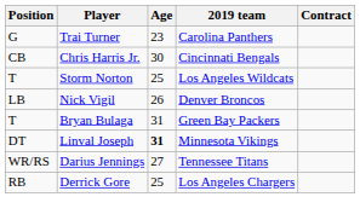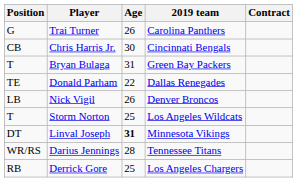 <table class="wikitable">
 <tr>
 <th>Position</th>
 <th>Player</th>
 <th>Age</th>
 <th>2019 team</th>
 <th>Contract</th>
 </tr>
 <tr>
 <td>G</td>
 <td><a href='#'>Trai Turner</a></td>
-<td>23</td>
+<td>26</td>
 <td><a href='#'>Carolina Panthers</a></td>
 <td></td>
 </tr>
 <tr>
 <td>CB</td>
 <td><a href='#'>Chris Harris Jr.</a></td>
 <td>30</td>
 <td><a href='#'>Cincinnati Bengals</a></td>
 <td></td>
 </tr>
 <tr>
 <td>T</td>
-<td><a href='#'>Storm Norton</a></td>
-<td>25</td>
-<td><a href='#'>Los Angeles Wildcats</a></td>
+<td><a href='#'>Bryan Bulaga</a></td>
+<td>31</td>
+<td><a href='#'>Green Bay Packers</a></td>
+<td></td>
+</tr>
+<tr>
+<td>TE</td>
+<td><a href='#'>Donald Parham</a></td>
+<td>22</td>
+<td><a href='#'>Dallas Renegades</a></td>
 <td></td>
 </tr>
 <tr>
 <td>LB</td>
 <td><a href='#'>Nick Vigil</a></td>
 <td>26</td>
 <td><a href='#'>Denver Broncos</a></td>
 <td></td>
 </tr>
 <tr>
 <td>T</td>
-<td><a href='#'>Bryan Bulaga</a></td>
-<td>31</td>
-<td><a href='#'>Green Bay Packers</a></td>
+<td><a href='#'>Storm Norton</a></td>
+<td>25</td>
+<td><a href='#'>Los Angeles Wildcats</a></td>
 <td></td>
 </tr>
 <tr>
 <td>DT</td>
 <td><a href='#'>Linval Joseph</a></td>
 <td><strong>31</strong></td>
 <td><a href='#'>Minnesota Vikings</a></td>
 <td></td>
 </tr>
 <tr>
 <td>WR/RS</td>
 <td><a href='#'>Darius Jennings</a></td>
-<td>27</td>
+<td>28</td>
 <td><a href='#'>Tennessee Titans</a></td>
 <td></td>
 </tr>
 <tr>
 <td>RB</td>
 <td><a href='#'>Derrick Gore</a></td>
 <td>25</td>
 <td><a href='#'>Los Angeles Chargers</a></td>
 <td></td>
 </tr>
 </table>
